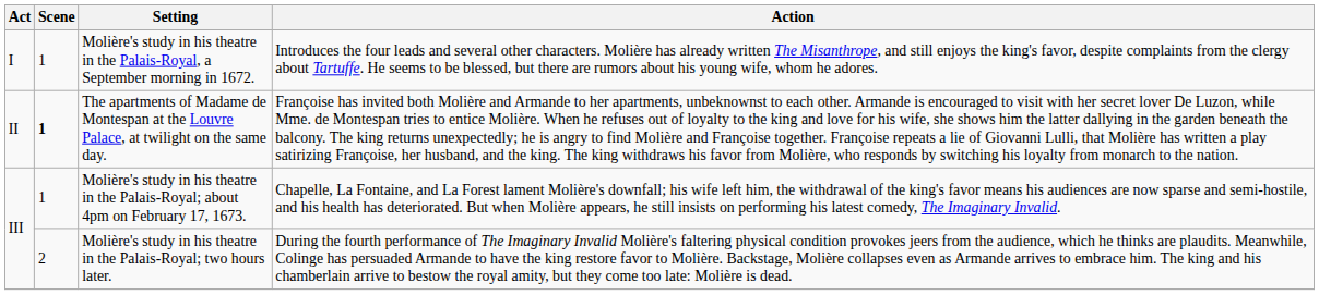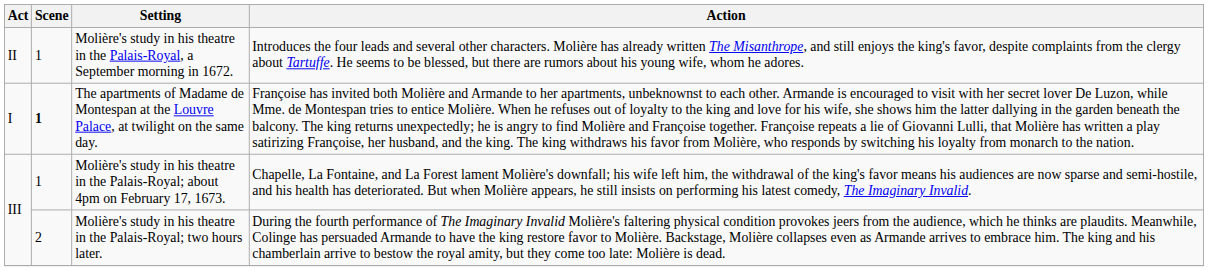 <table class="wikitable plainrowheaders" style="font-size: 90%">
 <tr>
 <th scope="col">Act</th>
 <th scope="col">Scene</th>
 <th scope="col">Setting</th>
 <th scope="col">Action</th>
 </tr>
 <tr>
-<td>I</td>
+<td>II</td>
 <td>1</td>
 <td>Molière's study in his theatre in the <a href='#'>Palais-Royal</a>, a September morning in 1672.</td>
 <td>Introduces the four leads and several other characters. Molière has already written <em><a href='#'>The Misanthrope</a></em>, and still enjoys the king's favor, despite complaints from the clergy about <em><a href='#'>Tartuffe</a></em>. He seems to be blessed, but there are rumors about his young wife, whom he adores.</td>
 </tr>
 <tr>
-<td>II</td>
+<td>I</td>
 <td><strong>1</strong></td>
 <td>The apartments of Madame de Montespan at the <a href='#'>Louvre Palace</a>, at twilight on the same day.</td>
 <td>Françoise has invited both Molière and Armande to her apartments, unbeknownst to each other. Armande is encouraged to visit with her secret lover De Luzon, while Mme. de Montespan tries to entice Molière. When he refuses out of loyalty to the king and love for his wife, she shows him the latter dallying in the garden beneath the balcony. The king returns unexpectedly; he is angry to find Molière and Françoise together. Françoise repeats a lie of Giovanni Lulli, that Molière has written a play satirizing Françoise, her husband, and the king. The king withdraws his favor from Molière, who responds by switching his loyalty from monarch to the nation.</td>
 </tr>
 <tr>
 <td rowspan=2>III</td>
 <td>1</td>
 <td>Molière's study in his theatre in the Palais-Royal; about 4pm on February 17, 1673.</td>
 <td>Chapelle, La Fontaine, and La Forest lament Molière's downfall; his wife left him, the withdrawal of the king's favor means his audiences are now sparse and semi-hostile, and his health has deteriorated. But when Molière appears, he still insists on performing his latest comedy, <em><a href='#'>The Imaginary Invalid</a></em>.</td>
 </tr>
 <tr>
 <td>2</td>
 <td>Molière's study in his theatre in the Palais-Royal; two hours later.</td>
 <td>During the fourth performance of <em>The Imaginary Invalid</em> Molière's faltering physical condition provokes jeers from the audience, which he thinks are plaudits. Meanwhile, Colinge has persuaded Armande to have the king restore favor to Molière. Backstage, Molière collapses even as Armande arrives to embrace him. The king and his chamberlain arrive to bestow the royal amity, but they come too late: Molière is dead.</td>
 </tr>
 <tr>
 </tr>
 </table>
